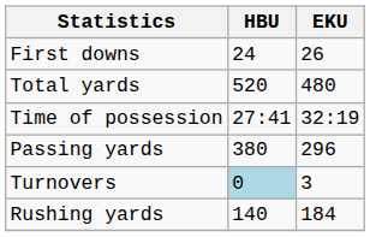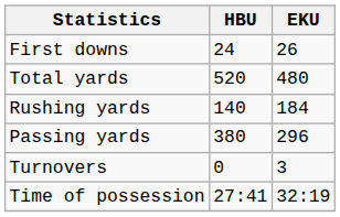 <table class="wikitable" style="float: left;">
 <tr>
 <th>Statistics</th>
 <th>HBU</th>
 <th>EKU</th>
 </tr>
 <tr>
 <td>First downs</td>
 <td>24</td>
 <td>26</td>
 </tr>
 <tr>
 <td>Total yards</td>
 <td>520</td>
 <td>480</td>
 </tr>
 <tr>
-<td>Time of possession</td>
-<td>27:41</td>
-<td>32:19</td>
+<td>Rushing yards</td>
+<td>140</td>
+<td>184</td>
 </tr>
 <tr>
 <td>Passing yards</td>
 <td>380</td>
 <td>296</td>
 </tr>
 <tr>
 <td>Turnovers</td>
-<td style="background: lightblue;">0</td>
+<td>0</td>
 <td>3</td>
 </tr>
 <tr>
-<td>Rushing yards</td>
-<td>140</td>
-<td>184</td>
+<td>Time of possession</td>
+<td>27:41</td>
+<td>32:19</td>
 </tr>
 <tr>
 </tr>
 </table>
